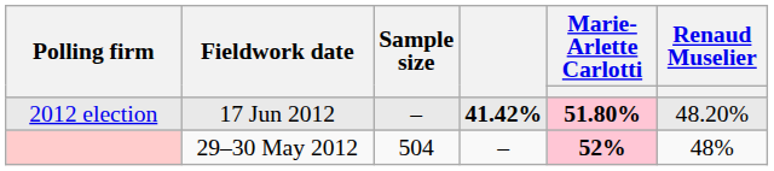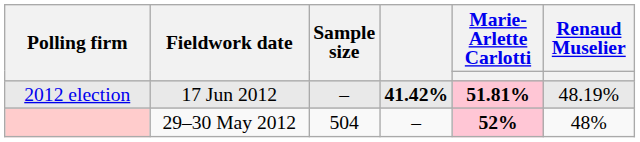 <table class="wikitable sortable" style="text-align:center;font-size:90%;line-height:14px;">
 <tr style="height:40px;">
 <th style="width:100px;" rowspan="2">Polling firm</th>
 <th style="width:110px;" rowspan="2">Fieldwork date</th>
 <th style="width:35px;" rowspan="2">Sample<br>size</th>
 <th style="width:30px;" rowspan="2"></th>
 <th class="unsortable" style="width:60px;"><a href='#'>Marie-Arlette Carlotti</a><br></th>
 <th class="unsortable" style="width:60px;"><a href='#'>Renaud Muselier</a><br></th>
 </tr>
 <tr>
 <th style="background:"></th>
 <th style="background:"></th>
 </tr>
 <tr style="background:#E9E9E9;">
 <td><a href='#'>2012 election</a></td>
 <td data-sort-value="2012-06-17">17 Jun 2012</td>
 <td>–</td>
 <td><strong>41.42%</strong></td>
-<td style="background:#FFC6D5;"><strong>51.80%</strong></td>
-<td>48.20%</td>
+<td style="background:#FFC6D5;"><strong>51.81%</strong></td>
+<td>48.19%</td>
 </tr>
 <tr>
 <td style="background:#FFCCCC;"></td>
 <td data-sort-value="2012-05-30">29–30 May 2012</td>
 <td>504</td>
 <td>–</td>
 <td style="background:#FFC6D5;"><strong>52%</strong></td>
 <td>48%</td>
 </tr>
 </table>
